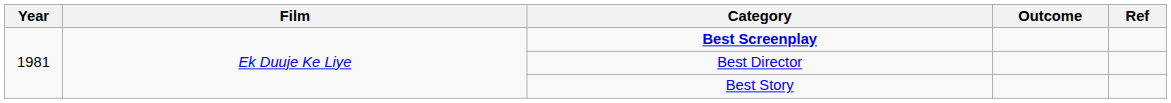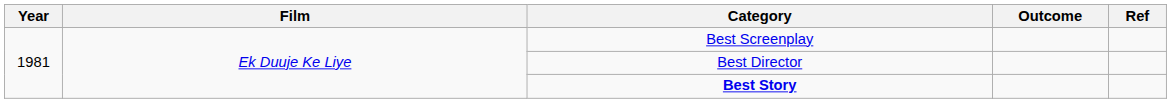 <table class="wikitable" style="width:100%;">
 <tr>
 <th width=5%>Year</th>
 <th style="width:40%;">Film</th>
 <th style="width:40%;">Category</th>
 <th style="width:10%;">Outcome</th>
 <th style="width:5%;">Ref</th>
 </tr>
 <tr>
 <td rowspan="3" style="text-align:center;">1981</td>
 <td rowspan="3" style="text-align:center;"><em><a href='#'>Ek Duuje Ke Liye</a></em></td>
-<td style="text-align:center;"><strong><a href='#'>Best Screenplay</a></strong></td>
+<td style="text-align:center;"><a href='#'>Best Screenplay</a></td>
 <td></td>
 <td></td>
 </tr>
 <tr>
 <td style="text-align:center;"><a href='#'>Best Director</a></td>
 <td></td>
 <td></td>
 </tr>
 <tr>
-<td style="text-align:center;"><a href='#'>Best Story</a></td>
+<td style="text-align:center;"><strong><a href='#'>Best Story</a></strong></td>
 <td></td>
 <td></td>
 </tr>
 </table>
